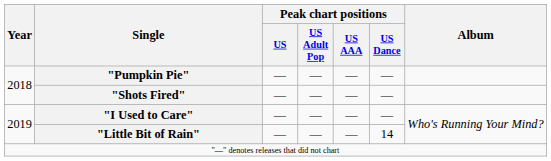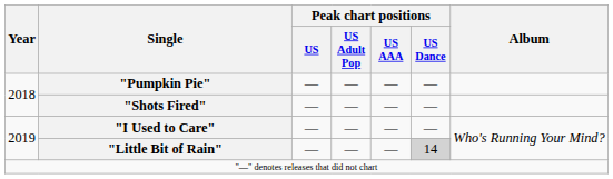 <table class="wikitable plainrowheaders" style="text-align:center;">
 <tr>
 <th rowspan="2">Year</th>
 <th rowspan="2" style="width:18em;">Single</th>
 <th colspan="4">Peak chart positions</th>
 <th rowspan="2">Album</th>
 </tr>
 <tr style="font-size:smaller;">
 <th style="width:40px;"><a href='#'>US</a></th>
 <th style="width:40px;"><a href='#'>US Adult<br>Pop</a></th>
 <th style="width:40px;"><a href='#'>US AAA</a></th>
 <th style="width:40px;"><a href='#'>US<br>Dance</a></th>
 </tr>
 <tr>
 <td rowspan="2">2018</td>
 <th scope="row">"Pumpkin Pie"</th>
 <td>—</td>
 <td>—</td>
 <td>—</td>
 <td>—</td>
 <td></td>
 </tr>
 <tr>
 <th scope="row">"Shots Fired"</th>
 <td>—</td>
 <td>—</td>
 <td>—</td>
 <td>—</td>
 <td></td>
 </tr>
 <tr>
 <td rowspan="2">2019</td>
 <th scope="row">"I Used to Care"</th>
 <td>—</td>
 <td>—</td>
 <td>—</td>
 <td>—</td>
 <td style="text-align:left;" rowspan="2"><em>Who's Running Your Mind?</em></td>
 </tr>
 <tr>
 <th scope="row">"Little Bit of Rain"</th>
 <td>—</td>
 <td>—</td>
 <td>—</td>
-<td>14</td>
+<td style="background: lightgrey;">14</td>
 </tr>
 <tr>
 <td colspan="9" style="font-size:8pt; text-align:center;">"—" denotes releases that did not chart</td>
 </tr>
 </table>
